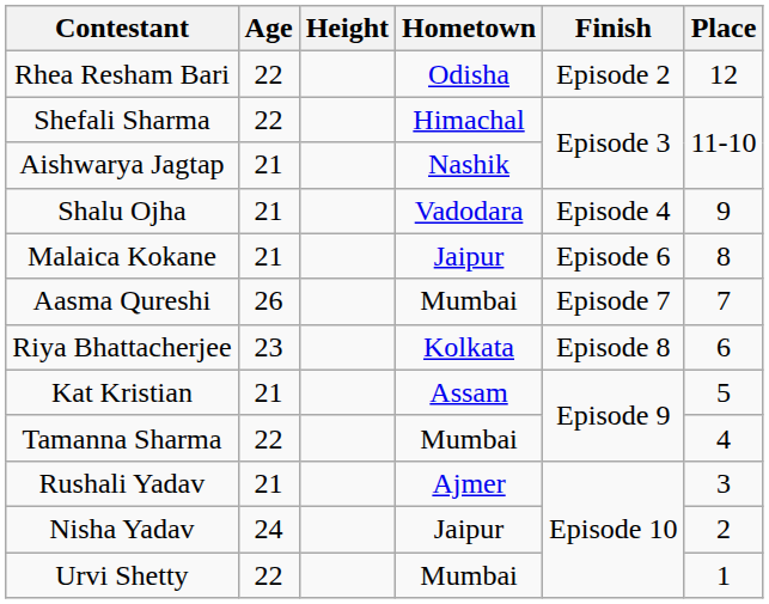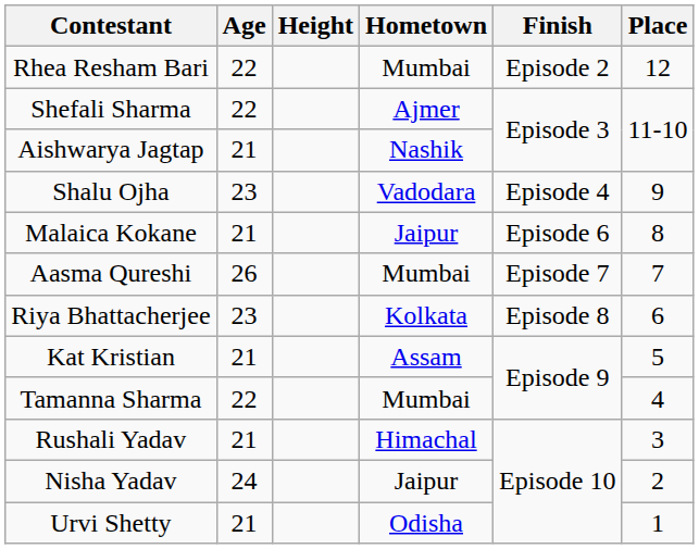 <table class="wikitable sortable" style="text-align:center;">
 <tr>
 <th scope="col">Contestant</th>
 <th scope="col">Age</th>
 <th scope="col">Height</th>
 <th scope="col">Hometown</th>
 <th scope="col">Finish</th>
 <th>Place</th>
 </tr>
 <tr>
 <td>Rhea Resham Bari</td>
 <td>22</td>
 <td></td>
-<td><a href='#'>Odisha</a></td>
+<td>Mumbai</td>
 <td>Episode 2</td>
 <td>12</td>
 </tr>
 <tr>
 <td>Shefali Sharma</td>
 <td>22</td>
 <td></td>
-<td><a href='#'>Himachal</a></td>
+<td><a href='#'>Ajmer</a></td>
 <td rowspan="2">Episode 3</td>
 <td rowspan="2">11-10</td>
 </tr>
 <tr>
 <td>Aishwarya Jagtap</td>
 <td>21</td>
 <td></td>
 <td><a href='#'>Nashik</a></td>
 </tr>
 <tr>
 <td>Shalu Ojha</td>
-<td>21</td>
+<td>23</td>
 <td></td>
 <td><a href='#'>Vadodara</a></td>
 <td>Episode 4</td>
 <td>9</td>
 </tr>
 <tr>
 <td>Malaica Kokane</td>
 <td>21</td>
 <td></td>
 <td><a href='#'>Jaipur</a></td>
 <td>Episode 6</td>
 <td>8</td>
 </tr>
 <tr>
 <td>Aasma Qureshi</td>
 <td>26</td>
 <td></td>
 <td>Mumbai</td>
 <td>Episode 7</td>
 <td>7</td>
 </tr>
 <tr>
 <td>Riya Bhattacherjee</td>
 <td>23</td>
 <td></td>
 <td><a href='#'>Kolkata</a></td>
 <td>Episode 8</td>
 <td>6</td>
 </tr>
 <tr>
 <td>Kat Kristian</td>
 <td>21</td>
 <td></td>
 <td><a href='#'>Assam</a></td>
 <td rowspan="2">Episode 9</td>
 <td>5</td>
 </tr>
 <tr>
 <td>Tamanna Sharma</td>
 <td>22</td>
 <td></td>
 <td>Mumbai</td>
 <td>4</td>
 </tr>
 <tr>
 <td>Rushali Yadav</td>
 <td>21</td>
 <td></td>
-<td><a href='#'>Ajmer</a></td>
+<td><a href='#'>Himachal</a></td>
 <td rowspan="3">Episode 10</td>
 <td>3</td>
 </tr>
 <tr>
 <td>Nisha Yadav</td>
 <td>24</td>
 <td></td>
 <td>Jaipur</td>
 <td>2</td>
 </tr>
 <tr>
 <td>Urvi Shetty</td>
-<td>22</td>
+<td>21</td>
 <td></td>
-<td>Mumbai</td>
+<td><a href='#'>Odisha</a></td>
 <td>1</td>
 </tr>
 </table>
